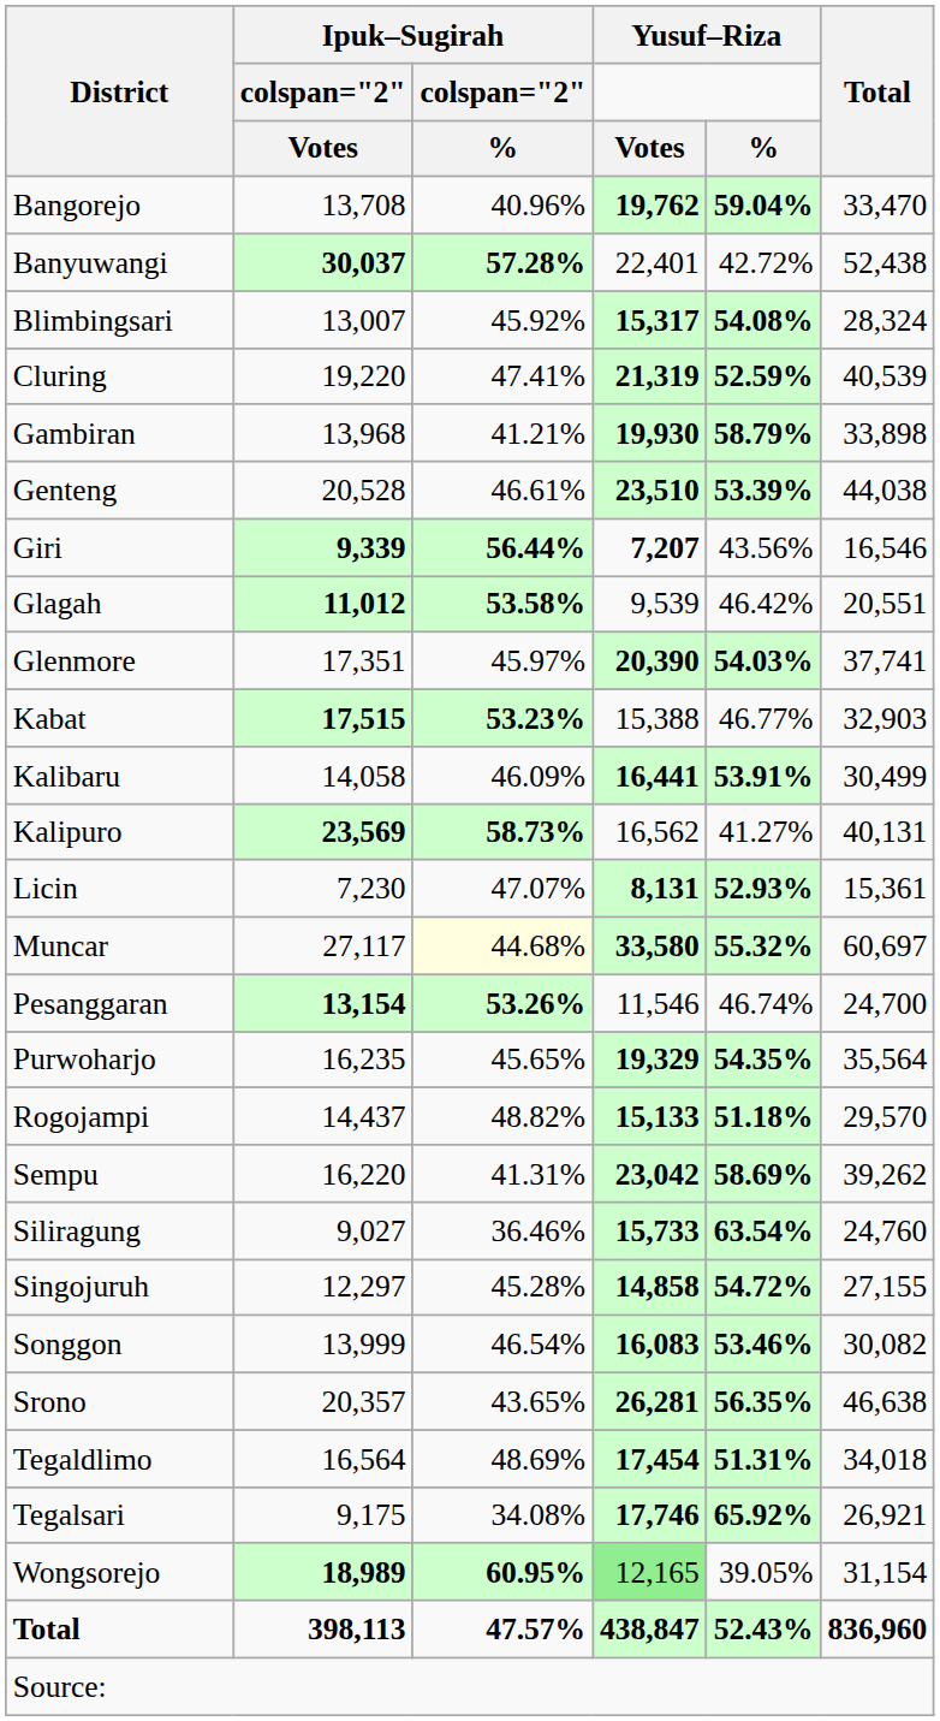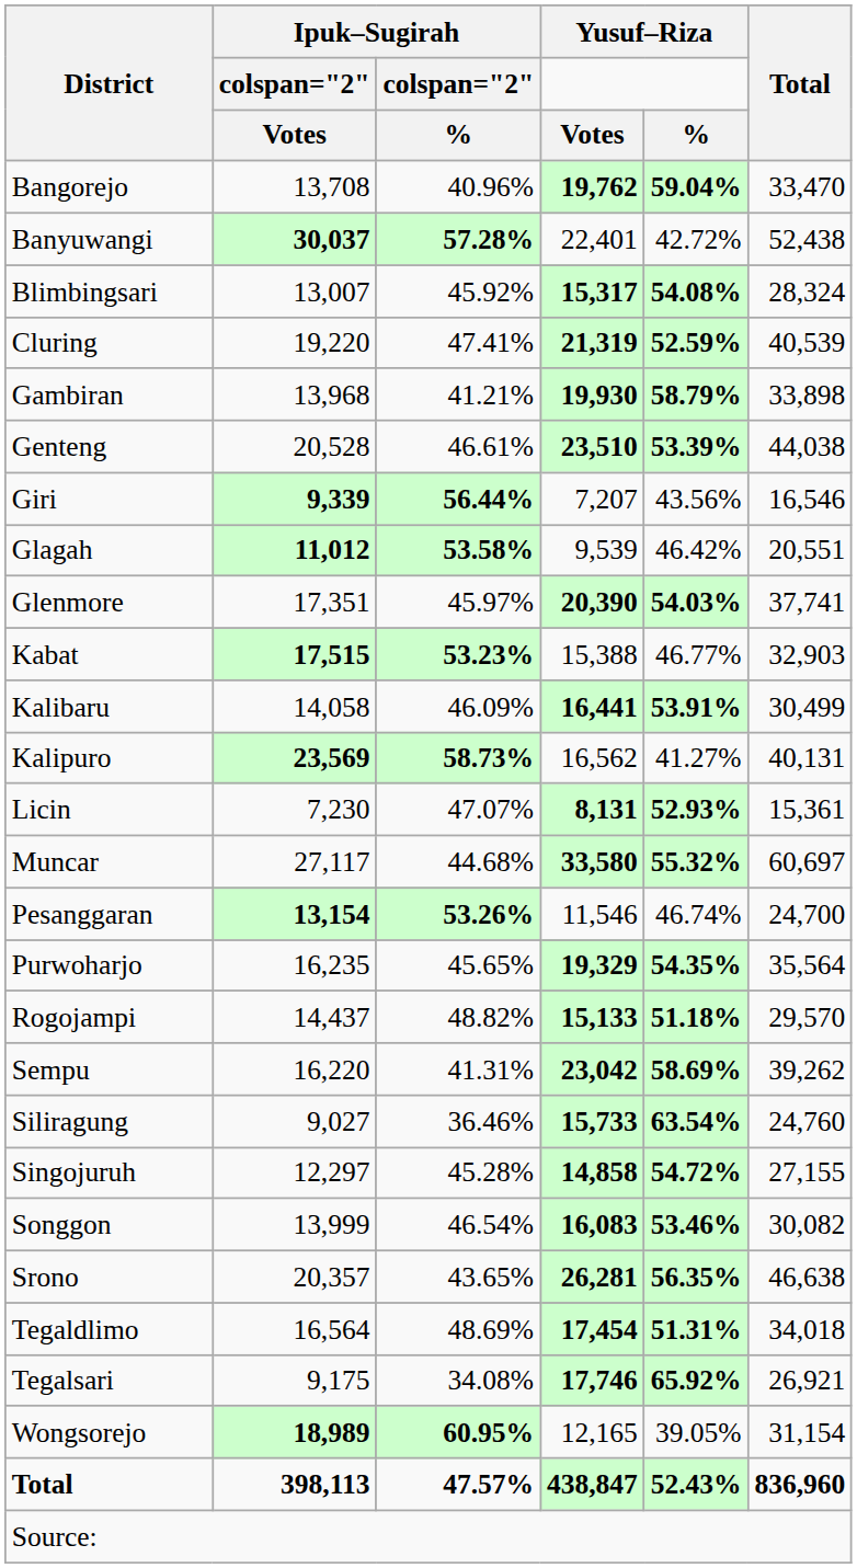 <table class="wikitable" style="text-align:right; font-size:90%; line-height:20px;">
 <tr>
 <th rowspan="3" width="100">District</th>
 <th colspan="2" width="100">Ipuk–Sugirah</th>
 <th colspan="2" width="100">Yusuf–Riza</th>
 <th rowspan="3">Total</th>
 </tr>
 <tr>
 <th>colspan="2" </th>
 <th>colspan="2" </th>
 </tr>
 <tr>
 <th>Votes</th>
 <th>%</th>
 <th>Votes</th>
 <th>%</th>
 </tr>
 <tr>
 <td align="left">Bangorejo</td>
 <td>13,708</td>
 <td>40.96%</td>
 <td style="background:#ccffcc"><strong>19,762</strong></td>
 <td style="background:#ccffcc"><strong>59.04%</strong></td>
 <td>33,470</td>
 </tr>
 <tr>
 <td align="left">Banyuwangi</td>
 <td style="background:#ccffcc"><strong>30,037</strong></td>
 <td style="background:#ccffcc"><strong>57.28%</strong></td>
 <td>22,401</td>
 <td>42.72%</td>
 <td>52,438</td>
 </tr>
 <tr>
 <td align="left">Blimbingsari</td>
 <td>13,007</td>
 <td>45.92%</td>
 <td style="background:#ccffcc"><strong>15,317</strong></td>
 <td style="background:#ccffcc"><strong>54.08%</strong></td>
 <td>28,324</td>
 </tr>
 <tr>
 <td align="left">Cluring</td>
 <td>19,220</td>
 <td>47.41%</td>
 <td style="background:#ccffcc"><strong>21,319</strong></td>
 <td style="background:#ccffcc"><strong>52.59%</strong></td>
 <td>40,539</td>
 </tr>
 <tr>
 <td align="left">Gambiran</td>
 <td>13,968</td>
 <td>41.21%</td>
 <td style="background:#ccffcc"><strong>19,930</strong></td>
 <td style="background:#ccffcc"><strong>58.79%</strong></td>
 <td>33,898</td>
 </tr>
 <tr>
 <td align="left">Genteng</td>
 <td>20,528</td>
 <td>46.61%</td>
 <td style="background:#ccffcc"><strong>23,510</strong></td>
 <td style="background:#ccffcc"><strong>53.39%</strong></td>
 <td>44,038</td>
 </tr>
 <tr>
 <td align="left">Giri</td>
 <td style="background:#ccffcc"><strong>9,339</strong></td>
 <td style="background:#ccffcc"><strong>56.44%</strong></td>
-<td><strong>7,207</strong></td>
+<td>7,207</td>
 <td>43.56%</td>
 <td>16,546</td>
 </tr>
 <tr>
 <td align="left">Glagah</td>
 <td style="background:#ccffcc"><strong>11,012</strong></td>
 <td style="background:#ccffcc"><strong>53.58%</strong></td>
 <td>9,539</td>
 <td>46.42%</td>
 <td>20,551</td>
 </tr>
 <tr>
 <td align="left">Glenmore</td>
 <td>17,351</td>
 <td>45.97%</td>
 <td style="background:#ccffcc"><strong>20,390</strong></td>
 <td style="background:#ccffcc"><strong>54.03%</strong></td>
 <td>37,741</td>
 </tr>
 <tr>
 <td align="left">Kabat</td>
 <td style="background:#ccffcc"><strong>17,515</strong></td>
 <td style="background:#ccffcc"><strong>53.23%</strong></td>
 <td>15,388</td>
 <td>46.77%</td>
 <td>32,903</td>
 </tr>
 <tr>
 <td align="left">Kalibaru</td>
 <td>14,058</td>
 <td>46.09%</td>
 <td style="background:#ccffcc"><strong>16,441</strong></td>
 <td style="background:#ccffcc"><strong>53.91%</strong></td>
 <td>30,499</td>
 </tr>
 <tr>
 <td align="left">Kalipuro</td>
 <td style="background:#ccffcc"><strong>23,569</strong></td>
 <td style="background:#ccffcc"><strong>58.73%</strong></td>
 <td>16,562</td>
 <td>41.27%</td>
 <td>40,131</td>
 </tr>
 <tr>
 <td align="left">Licin</td>
 <td>7,230</td>
 <td>47.07%</td>
 <td style="background:#ccffcc"><strong>8,131</strong></td>
 <td style="background:#ccffcc"><strong>52.93%</strong></td>
 <td>15,361</td>
 </tr>
 <tr>
 <td align="left">Muncar</td>
 <td>27,117</td>
-<td style="background: lightyellow;">44.68%</td>
+<td>44.68%</td>
 <td style="background:#ccffcc"><strong>33,580</strong></td>
 <td style="background:#ccffcc"><strong>55.32%</strong></td>
 <td>60,697</td>
 </tr>
 <tr>
 <td align="left">Pesanggaran</td>
 <td style="background:#ccffcc"><strong>13,154</strong></td>
 <td style="background:#ccffcc"><strong>53.26%</strong></td>
 <td>11,546</td>
 <td>46.74%</td>
 <td>24,700</td>
 </tr>
 <tr>
 <td align="left">Purwoharjo</td>
 <td>16,235</td>
 <td>45.65%</td>
 <td style="background:#ccffcc"><strong>19,329</strong></td>
 <td style="background:#ccffcc"><strong>54.35%</strong></td>
 <td>35,564</td>
 </tr>
 <tr>
 <td align="left">Rogojampi</td>
 <td>14,437</td>
 <td>48.82%</td>
 <td style="background:#ccffcc"><strong>15,133</strong></td>
 <td style="background:#ccffcc"><strong>51.18%</strong></td>
 <td>29,570</td>
 </tr>
 <tr>
 <td align="left">Sempu</td>
 <td>16,220</td>
 <td>41.31%</td>
 <td style="background:#ccffcc"><strong>23,042</strong></td>
 <td style="background:#ccffcc"><strong>58.69%</strong></td>
 <td>39,262</td>
 </tr>
 <tr>
 <td align="left">Siliragung</td>
 <td>9,027</td>
 <td>36.46%</td>
 <td style="background:#ccffcc"><strong>15,733</strong></td>
 <td style="background:#ccffcc"><strong>63.54%</strong></td>
 <td>24,760</td>
 </tr>
 <tr>
 <td align="left">Singojuruh</td>
 <td>12,297</td>
 <td>45.28%</td>
 <td style="background:#ccffcc"><strong>14,858</strong></td>
 <td style="background:#ccffcc"><strong>54.72%</strong></td>
 <td>27,155</td>
 </tr>
 <tr>
 <td align="left">Songgon</td>
 <td>13,999</td>
 <td>46.54%</td>
 <td style="background:#ccffcc"><strong>16,083</strong></td>
 <td style="background:#ccffcc"><strong>53.46%</strong></td>
 <td>30,082</td>
 </tr>
 <tr>
 <td align="left">Srono</td>
 <td>20,357</td>
 <td>43.65%</td>
 <td style="background:#ccffcc"><strong>26,281</strong></td>
 <td style="background:#ccffcc"><strong>56.35%</strong></td>
 <td>46,638</td>
 </tr>
 <tr>
 <td align="left">Tegaldlimo</td>
 <td>16,564</td>
 <td>48.69%</td>
 <td style="background:#ccffcc"><strong>17,454</strong></td>
 <td style="background:#ccffcc"><strong>51.31%</strong></td>
 <td>34,018</td>
 </tr>
 <tr>
 <td align="left">Tegalsari</td>
 <td>9,175</td>
 <td>34.08%</td>
 <td style="background:#ccffcc"><strong>17,746</strong></td>
 <td style="background:#ccffcc"><strong>65.92%</strong></td>
 <td>26,921</td>
 </tr>
 <tr>
 <td align="left">Wongsorejo</td>
 <td style="background:#ccffcc"><strong>18,989</strong></td>
 <td style="background:#ccffcc"><strong>60.95%</strong></td>
-<td style="background: lightgreen;">12,165</td>
+<td>12,165</td>
 <td>39.05%</td>
 <td>31,154</td>
 </tr>
 <tr>
 <td align="left"><strong>Total</strong></td>
 <td><strong>398,113</strong></td>
 <td><strong>47.57%</strong></td>
 <td style="background:#ccffcc"><strong>438,847</strong></td>
 <td style="background:#ccffcc"><strong>52.43%</strong></td>
 <td><strong>836,960</strong></td>
 </tr>
 <tr>
 <td colspan="6"; align="left">Source: </td>
 </tr>
 </table>
